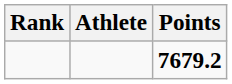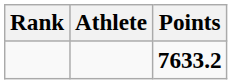 <table class=wikitable style="text-align:center;">
 <tr>
 <th>Rank</th>
 <th>Athlete</th>
 <th>Points</th>
 </tr>
 <tr>
 <td></td>
 <td align=left></td>
-<td><strong>7679.2</strong></td>
+<td><strong>7633.2</strong></td>
 </tr>
 </table>
